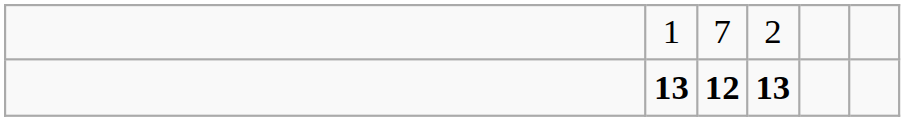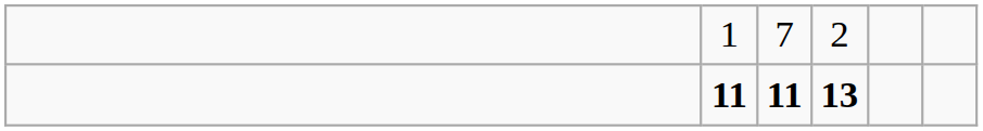 <table class="wikitable">
 <tr>
 <td style="width:18em"></td>
 <td align=center style="width:1em">1</td>
 <td align=center style="width:1em">7</td>
 <td align=center style="width:1em">2</td>
 <td align=center style="width:1em"></td>
 <td align=center style="width:1em"></td>
 </tr>
 <tr>
 <td style="width:18em"><strong></strong></td>
-<td align=center style="width:1em"><strong>13</strong></td>
-<td align=center style="width:1em"><strong>12</strong></td>
+<td align=center style="width:1em"><strong>11</strong></td>
+<td align=center style="width:1em"><strong>11</strong></td>
 <td align=center style="width:1em"><strong>13</strong></td>
 <td align=center style="width:1em"></td>
 <td align=center style="width:1em"></td>
 </tr>
 </table>
